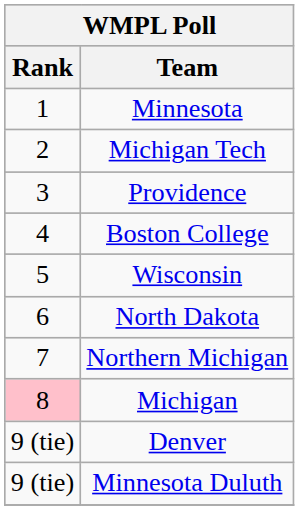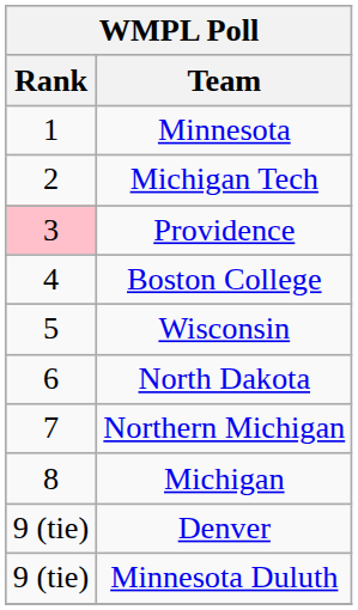 <table class="wikitable" style="text-align:center;">
 <tr>
 <th colspan=2><strong>WMPL Poll</strong></th>
 </tr>
 <tr>
 <th>Rank</th>
 <th>Team</th>
 </tr>
 <tr>
 <td>1</td>
 <td><a href='#'>Minnesota</a></td>
 </tr>
 <tr>
 <td>2</td>
 <td><a href='#'>Michigan Tech</a></td>
 </tr>
 <tr>
-<td>3</td>
+<td style="background: pink;">3</td>
 <td><a href='#'>Providence</a></td>
 </tr>
 <tr>
 <td>4</td>
 <td><a href='#'>Boston College</a></td>
 </tr>
 <tr>
 <td>5</td>
 <td><a href='#'>Wisconsin</a></td>
 </tr>
 <tr>
 <td>6</td>
 <td><a href='#'>North Dakota</a></td>
 </tr>
 <tr>
 <td>7</td>
 <td><a href='#'>Northern Michigan</a></td>
 </tr>
 <tr>
-<td style="background: pink;">8</td>
+<td>8</td>
 <td><a href='#'>Michigan</a></td>
 </tr>
 <tr>
 <td>9 (tie)</td>
 <td><a href='#'>Denver</a></td>
 </tr>
 <tr>
 <td>9 (tie)</td>
 <td><a href='#'>Minnesota Duluth</a></td>
 </tr>
 <tr>
 </tr>
 </table>
